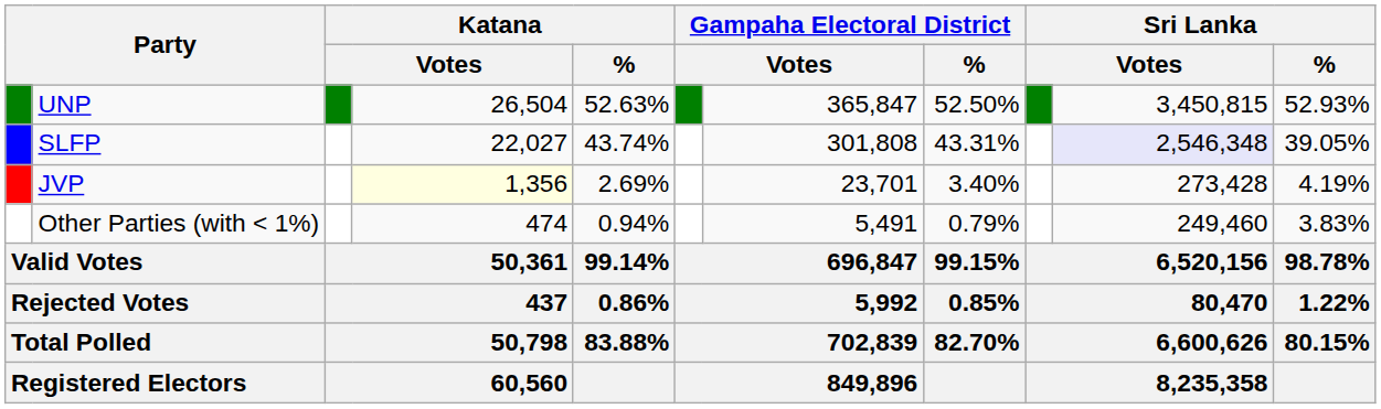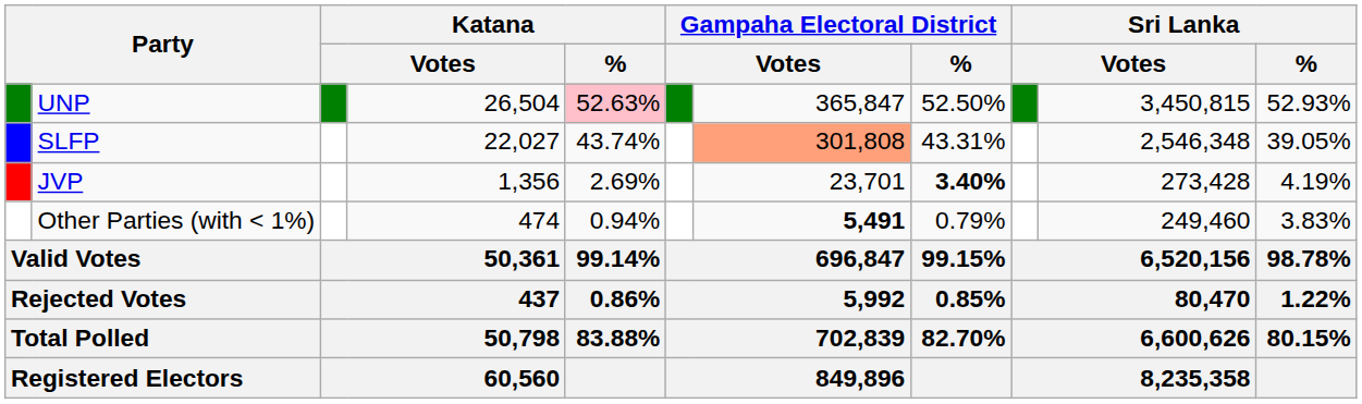 <table class="wikitable">
 <tr>
 <th colspan="2" width="144px"rowspan="2">Party</th>
 <th colspan="3" width="216px">Katana</th>
 <th colspan="3" width="216px"><a href='#'>Gampaha Electoral District</a></th>
 <th colspan="3" width="216px">Sri Lanka</th>
 </tr>
 <tr>
 <th colspan="2" width="144px">Votes</th>
 <th>%</th>
 <th colspan="2" width="144px">Votes</th>
 <th>%</th>
 <th colspan="2" width="144px">Votes</th>
 <th>%</th>
 </tr>
 <tr>
 <td style="background-color:green;" width="10px"></td>
 <td style="text-align:left;"><a href='#'>UNP</a></td>
 <td style="background-color:green;" width="10px"></td>
 <td style="text-align:right;">26,504</td>
-<td style="text-align:right;">52.63%</td>
+<td style="background: pink; text-align:right;">52.63%</td>
 <td style="background-color:green;" width="10px"></td>
 <td style="text-align:right;">365,847</td>
 <td style="text-align:right;">52.50%</td>
 <td style="background-color:green;" width="10px"></td>
 <td style="text-align:right;">3,450,815</td>
 <td style="text-align:right;">52.93%</td>
 </tr>
 <tr>
 <td style="background-color:blue;" width="10px"></td>
 <td style="text-align:left;"><a href='#'>SLFP</a></td>
 <td style="background-color:white;" width="10px"></td>
 <td style="text-align:right;">22,027</td>
 <td style="text-align:right;">43.74%</td>
 <td style="background-color:white;" width="10px"></td>
-<td style="text-align:right;">301,808</td>
+<td style="background: lightsalmon; text-align:right;">301,808</td>
 <td style="text-align:right;">43.31%</td>
 <td style="background-color:white;" width="10px"></td>
-<td style="background: lavender; text-align:right;">2,546,348</td>
+<td style="text-align:right;">2,546,348</td>
 <td style="text-align:right;">39.05%</td>
 </tr>
 <tr>
 <td style="background-color:red;" width="10px"></td>
 <td style="text-align:left;"><a href='#'>JVP</a></td>
 <td style="background-color:white;" width="10px"></td>
-<td style="background: lightyellow; text-align:right;">1,356</td>
+<td style="text-align:right;">1,356</td>
 <td style="text-align:right;">2.69%</td>
 <td style="background-color:white;" width="10px"></td>
 <td style="text-align:right;">23,701</td>
-<td style="text-align:right;">3.40%</td>
+<td style="text-align:right;"><strong>3.40%</strong></td>
 <td style="background-color:white;" width="10px"></td>
 <td style="text-align:right;">273,428</td>
 <td style="text-align:right;">4.19%</td>
 </tr>
 <tr>
 <td style="background-color:white;" width="10px"></td>
 <td style="text-align:left;">Other Parties (with < 1%)</td>
 <td style="background-color:white;" width="10px"></td>
 <td style="text-align:right;">474</td>
 <td style="text-align:right;">0.94%</td>
 <td style="background-color:white;" width="10px"></td>
-<td style="text-align:right;">5,491</td>
+<td style="text-align:right;"><strong>5,491</strong></td>
 <td style="text-align:right;">0.79%</td>
 <td style="background-color:white;" width="10px"></td>
 <td style="text-align:right;">249,460</td>
 <td style="text-align:right;">3.83%</td>
 </tr>
 <tr>
 <th colspan="2" width="144px"style="text-align:left;">Valid Votes</th>
 <th style="text-align:right;"colspan="2" width="144px">50,361</th>
 <th style="text-align:right;">99.14%</th>
 <th style="text-align:right;"colspan="2" width="144px">696,847</th>
 <th style="text-align:right;">99.15%</th>
 <th style="text-align:right;"colspan="2" width="144px">6,520,156</th>
 <th style="text-align:right;">98.78%</th>
 </tr>
 <tr>
 <th colspan="2" width="144px"style="text-align:left;">Rejected Votes</th>
 <th style="text-align:right;"colspan="2" width="144px">437</th>
 <th style="text-align:right;">0.86%</th>
 <th style="text-align:right;"colspan="2" width="144px">5,992</th>
 <th style="text-align:right;">0.85%</th>
 <th style="text-align:right;"colspan="2" width="144px">80,470</th>
 <th style="text-align:right;">1.22%</th>
 </tr>
 <tr>
 <th colspan="2" width="144px"style="text-align:left;">Total Polled</th>
 <th style="text-align:right;"colspan="2" width="144px">50,798</th>
 <th style="text-align:right;">83.88%</th>
 <th style="text-align:right;"colspan="2" width="144px">702,839</th>
 <th style="text-align:right;">82.70%</th>
 <th style="text-align:right;"colspan="2" width="144px">6,600,626</th>
 <th style="text-align:right;">80.15%</th>
 </tr>
 <tr>
 <th colspan="2" width="144px"style="text-align:left;">Registered Electors</th>
 <th style="text-align:right;"colspan="2" width="144px">60,560</th>
 <th></th>
 <th style="text-align:right;"colspan="2" width="144px">849,896</th>
 <th></th>
 <th style="text-align:right;"colspan="2" width="144px">8,235,358</th>
 <th></th>
 </tr>
 </table>
